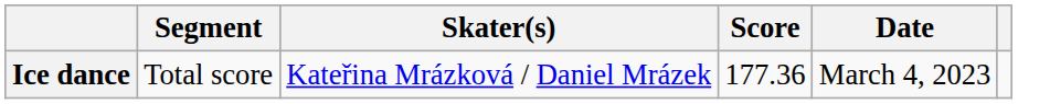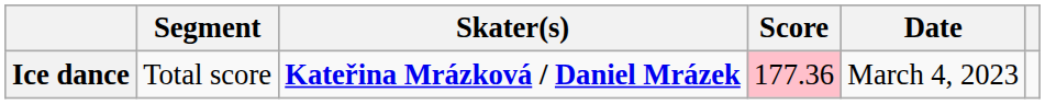 <table class="wikitable unsortable" style="text-align:left">
 <tr>
 <th scope="col"></th>
 <th scope="col">Segment</th>
 <th scope="col">Skater(s)</th>
 <th scope="col">Score</th>
 <th scope="col">Date</th>
 <th scope="col"></th>
 </tr>
 <tr>
 <th scope="row">Ice dance</th>
 <td style="text-align:left">Total score</td>
-<td> <a href='#'>Kateřina Mrázková</a> / <a href='#'>Daniel Mrázek</a></td>
-<td align=center>177.36</td>
+<td><strong> <a href='#'>Kateřina Mrázková</a> / <a href='#'>Daniel Mrázek</a></strong></td>
+<td align=center style="background: pink;">177.36</td>
 <td>March 4, 2023</td>
 <td></td>
 </tr>
 </table>
